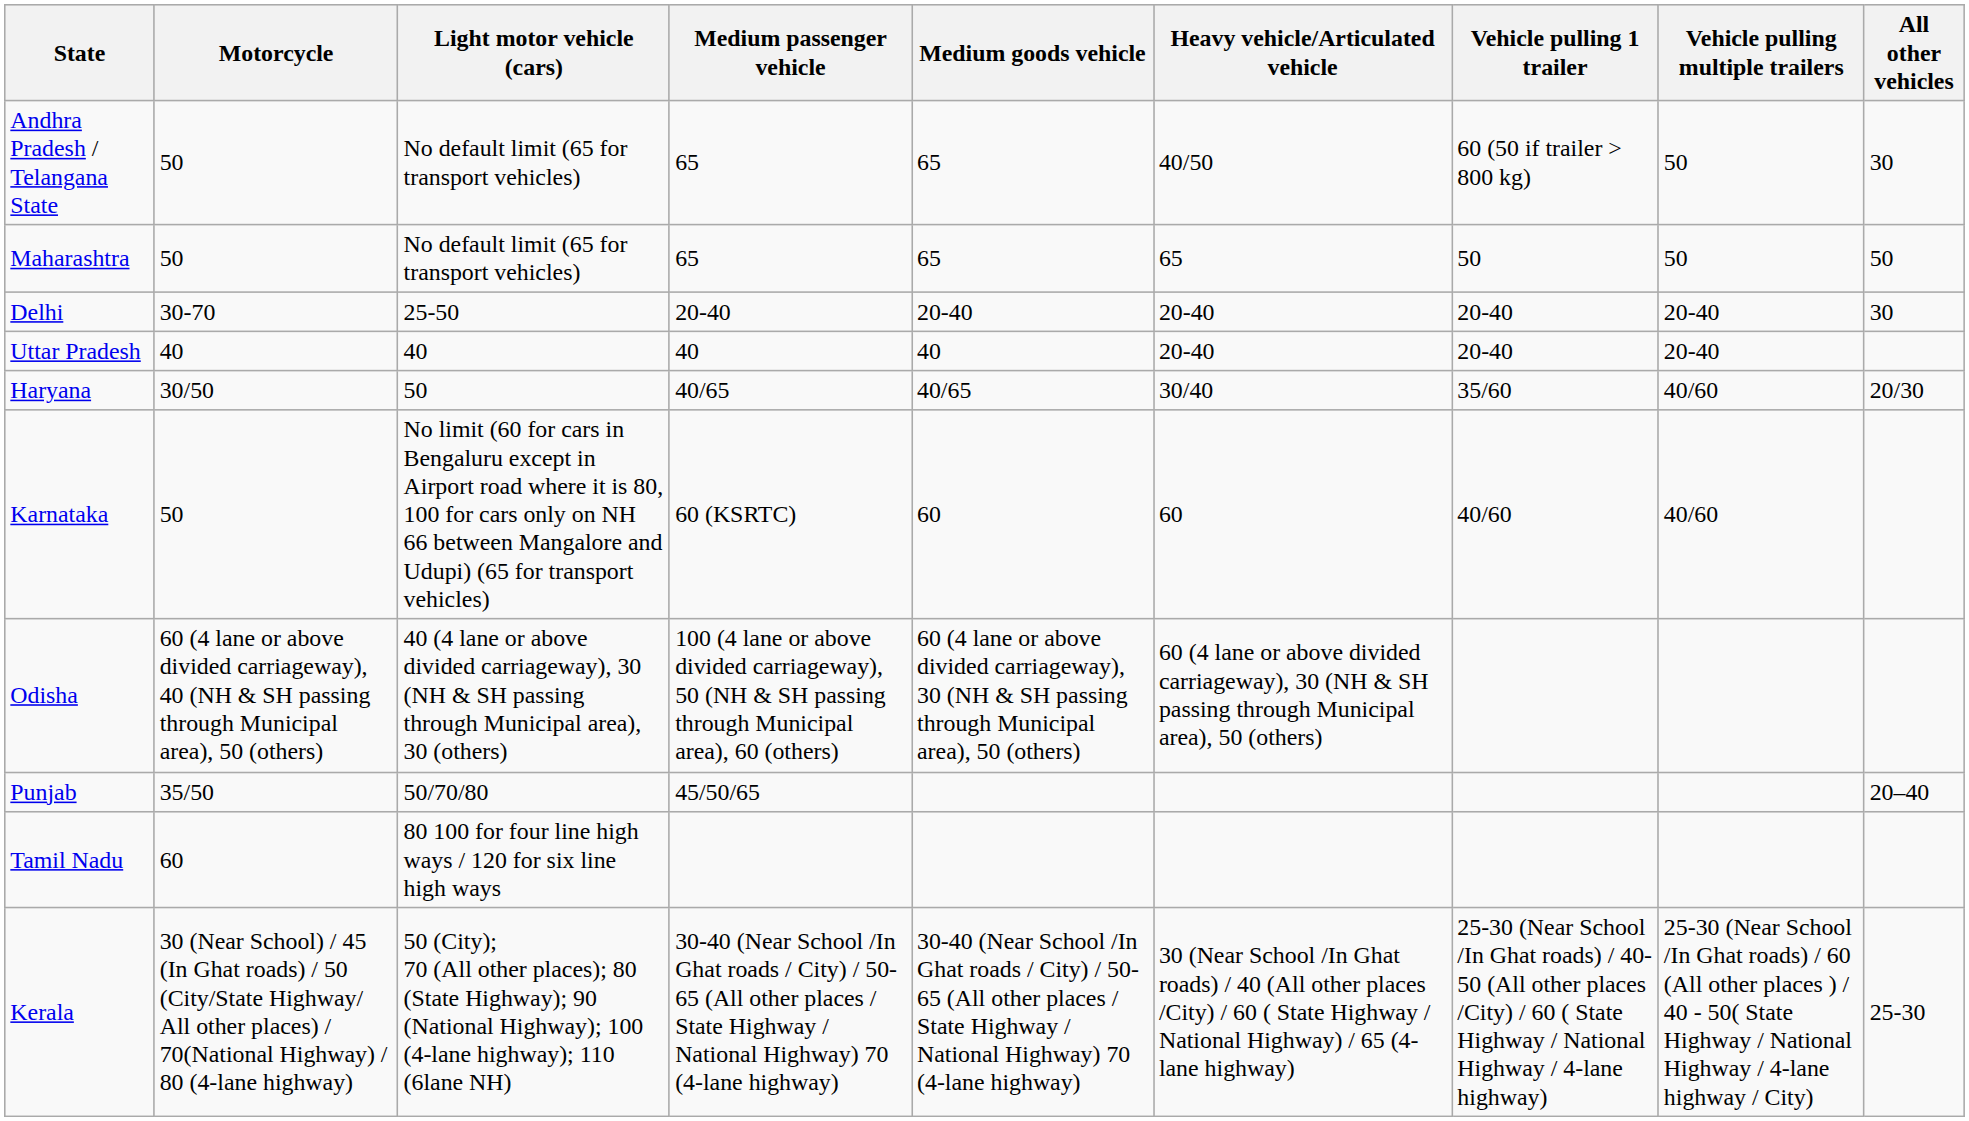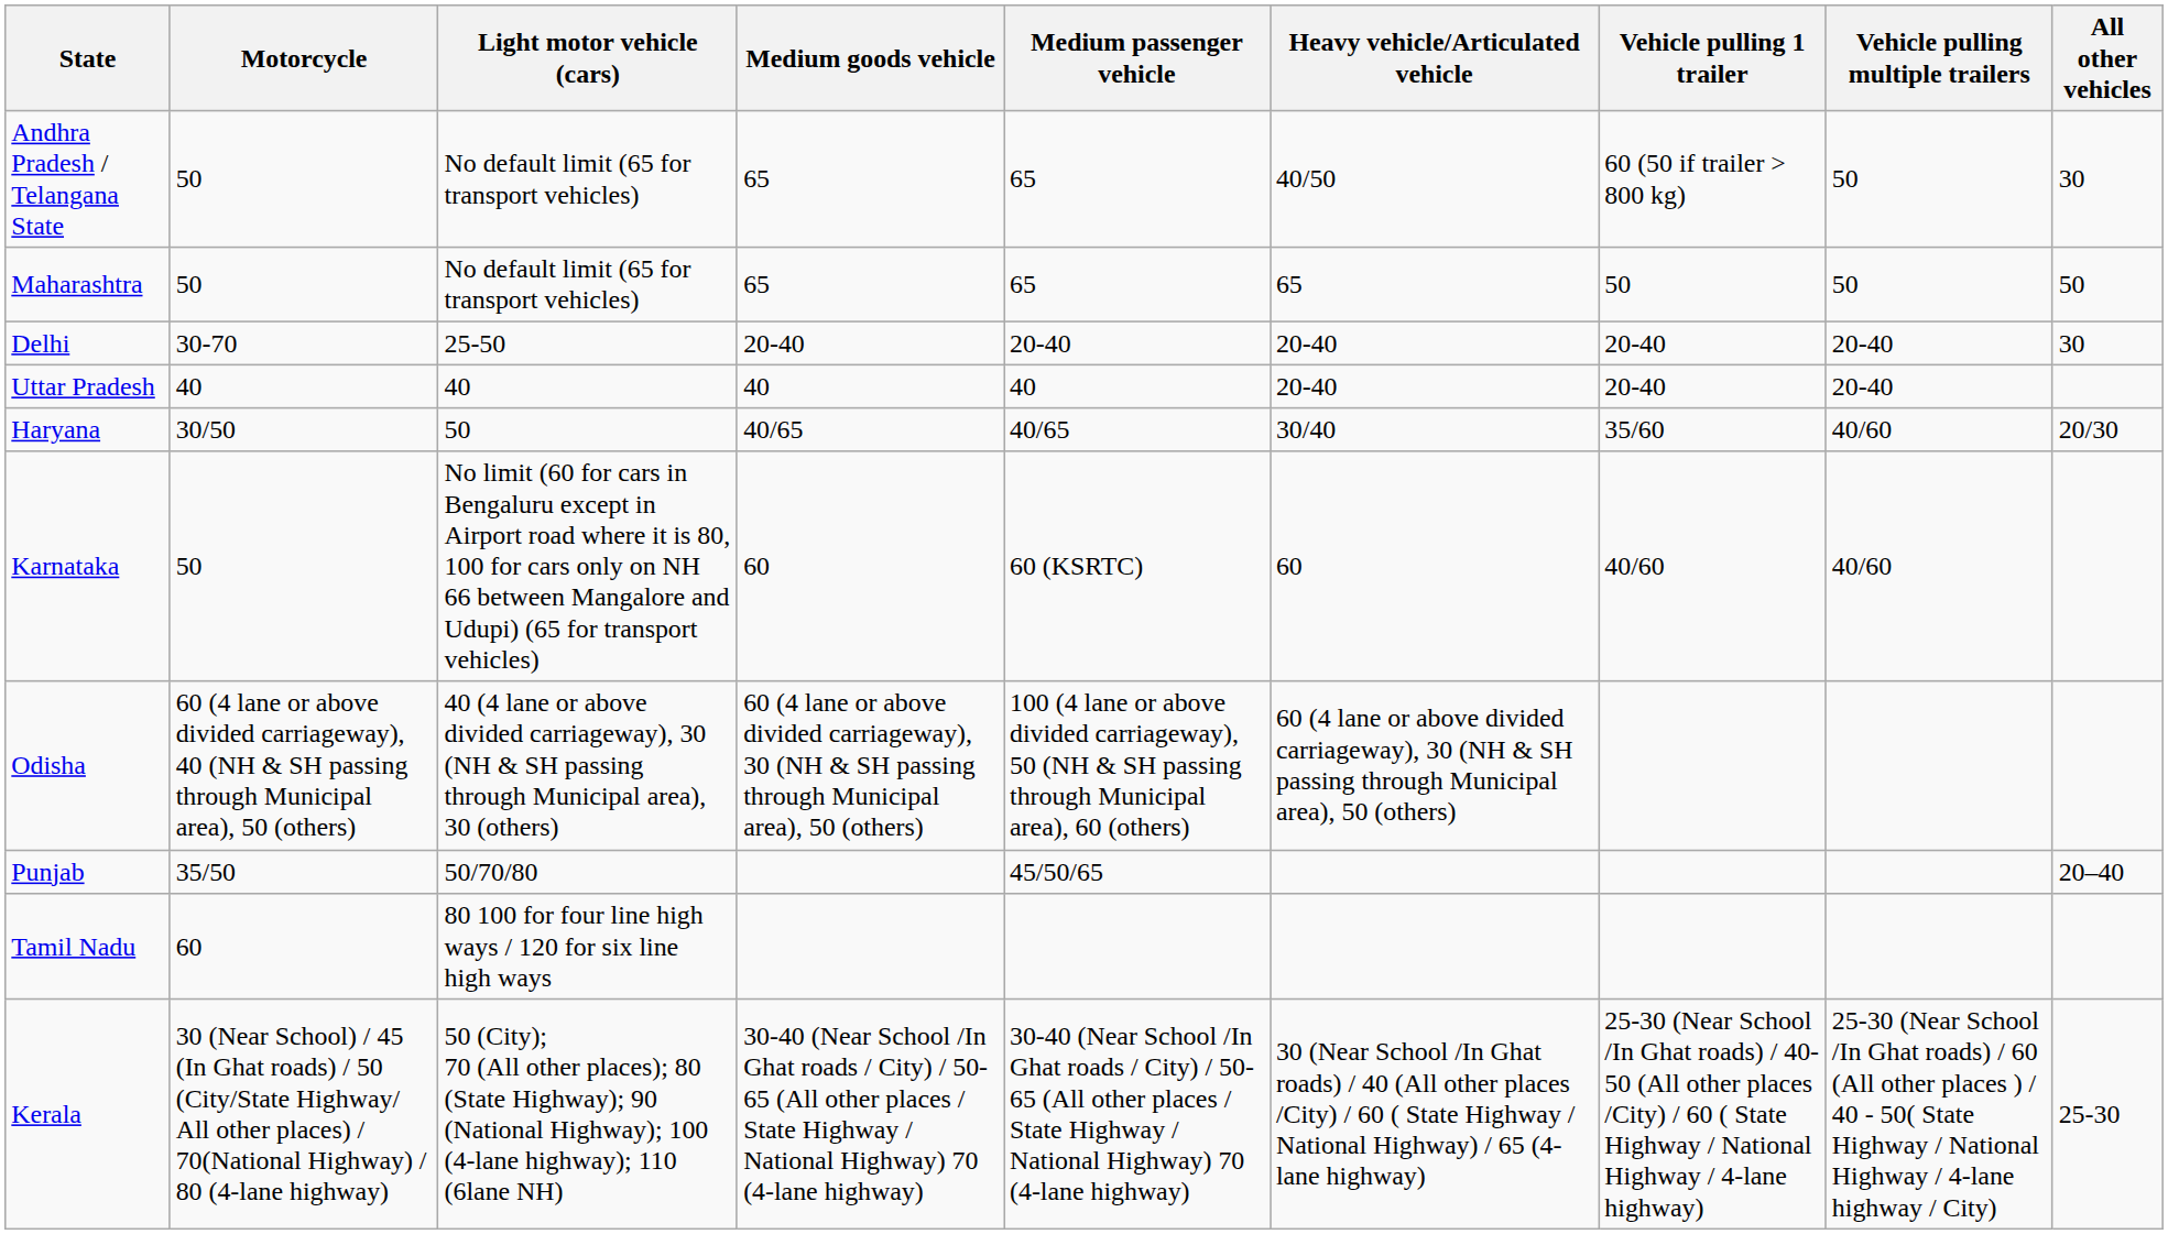 <table class="wikitable sortable" style="font-size:95%;">
 <tr>
 <th row span="2">State</th>
 <th row span="2">Motorcycle</th>
 <th row span="2">Light motor vehicle (cars)</th>
+<th col span="2">Medium goods vehicle</th>
 <th col span="2">Medium passenger vehicle</th>
-<th col span="2">Medium goods vehicle</th>
 <th col span="2">Heavy vehicle/Articulated vehicle</th>
 <th row span="2">Vehicle pulling 1 trailer</th>
 <th row span="2">Vehicle pulling multiple trailers</th>
 <th row span="2">All other vehicles</th>
 </tr>
 <tr>
 <td><a href='#'>Andhra Pradesh</a> / <a href='#'>Telangana State</a></td>
 <td>50</td>
 <td>No default limit (65 for transport vehicles)</td>
 <td>65</td>
 <td>65</td>
 <td>40/50</td>
 <td>60 (50 if trailer > 800 kg)</td>
 <td>50</td>
 <td>30</td>
 </tr>
 <tr>
 <td><a href='#'>Maharashtra</a></td>
 <td>50</td>
 <td>No default limit (65 for transport vehicles)</td>
 <td>65</td>
 <td>65</td>
 <td>65</td>
 <td>50</td>
 <td>50</td>
 <td>50</td>
 </tr>
 <tr>
 <td><a href='#'>Delhi</a></td>
 <td>30-70</td>
 <td>25-50</td>
 <td>20-40</td>
 <td>20-40</td>
 <td>20-40</td>
 <td>20-40</td>
 <td>20-40</td>
 <td>30</td>
 </tr>
 <tr>
 <td><a href='#'>Uttar Pradesh</a></td>
 <td>40</td>
 <td>40</td>
 <td>40</td>
 <td>40</td>
 <td>20-40</td>
 <td>20-40</td>
 <td>20-40</td>
 <td></td>
 </tr>
 <tr>
 <td><a href='#'>Haryana</a></td>
 <td>30/50</td>
 <td>50</td>
 <td>40/65</td>
 <td>40/65</td>
 <td>30/40</td>
 <td>35/60</td>
 <td>40/60</td>
 <td>20/30</td>
 </tr>
 <tr>
 <td><a href='#'>Karnataka</a></td>
 <td>50</td>
 <td>No limit (60 for cars in Bengaluru except in Airport road where it is 80, 100 for cars only on NH 66 between Mangalore and Udupi) (65 for transport vehicles)</td>
+<td>60</td>
 <td>60 (KSRTC)</td>
-<td>60</td>
 <td>60</td>
 <td>40/60</td>
 <td>40/60</td>
 <td></td>
 </tr>
 <tr>
 <td><a href='#'>Odisha</a></td>
 <td>60 (4 lane or above divided carriageway), 40 (NH & SH passing through Municipal area), 50 (others)</td>
 <td>40 (4 lane or above divided carriageway), 30 (NH & SH passing through Municipal area), 30 (others)</td>
+<td>60 (4 lane or above divided carriageway), 30 (NH & SH passing through Municipal area), 50 (others)</td>
 <td>100 (4 lane or above divided carriageway), 50 (NH & SH passing through Municipal area), 60 (others)</td>
-<td>60 (4 lane or above divided carriageway), 30 (NH & SH passing through Municipal area), 50 (others)</td>
 <td>60 (4 lane or above divided carriageway), 30 (NH & SH passing through Municipal area), 50 (others)</td>
 <td></td>
 <td></td>
 <td></td>
 </tr>
 <tr>
 <td><a href='#'>Punjab</a></td>
 <td>35/50</td>
 <td>50/70/80</td>
+<td></td>
 <td>45/50/65</td>
-<td></td>
 <td></td>
 <td></td>
 <td></td>
 <td>20–40</td>
 </tr>
 <tr>
 <td><a href='#'>Tamil Nadu</a></td>
 <td>60</td>
 <td>80 100 for four line high ways / 120 for six line high ways</td>
 <td></td>
 <td></td>
 <td></td>
 <td></td>
 <td></td>
 <td></td>
 </tr>
 <tr>
 <td><a href='#'>Kerala</a></td>
 <td>30 (Near School) / 45 (In Ghat roads) / 50 (City/State Highway/ All other places) / 70(National Highway) / 80 (4-lane highway)</td>
 <td>50 (City);<br>70 (All other places);  80 (State Highway);  90 (National Highway); 100 (4-lane highway); 110 (6lane NH)</td>
 <td>30-40 (Near School /In Ghat roads / City) / 50-65 (All other places / State Highway / National Highway) 70 (4-lane highway)</td>
 <td>30-40 (Near School /In Ghat roads / City) / 50-65 (All other places / State Highway / National Highway) 70 (4-lane highway)</td>
 <td>30 (Near School /In Ghat roads) / 40 (All other places /City) / 60 ( State Highway / National Highway) / 65 (4-lane highway)</td>
 <td>25-30 (Near School /In Ghat roads) / 40-50 (All other places /City) / 60 ( State Highway / National Highway / 4-lane highway)</td>
 <td>25-30 (Near School /In Ghat roads) / 60 (All other places ) / 40 - 50( State Highway / National Highway / 4-lane highway / City)</td>
 <td>25-30</td>
 </tr>
 </table>
